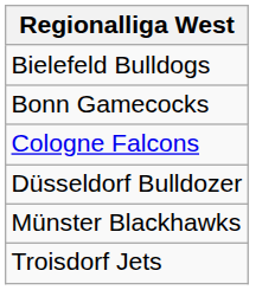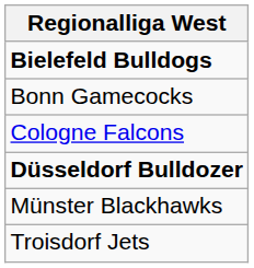 <table class="wikitable">
 <tr>
 <th>Regionalliga West</th>
 </tr>
 <tr>
-<td>Bielefeld Bulldogs</td>
+<td><strong>Bielefeld Bulldogs</strong></td>
 </tr>
 <tr>
 <td>Bonn Gamecocks</td>
 </tr>
 <tr>
 <td><a href='#'>Cologne Falcons</a></td>
 </tr>
 <tr>
-<td>Düsseldorf Bulldozer</td>
+<td><strong>Düsseldorf Bulldozer</strong></td>
 </tr>
 <tr>
 <td>Münster Blackhawks</td>
 </tr>
 <tr>
 <td>Troisdorf Jets</td>
 </tr>
 </table>
